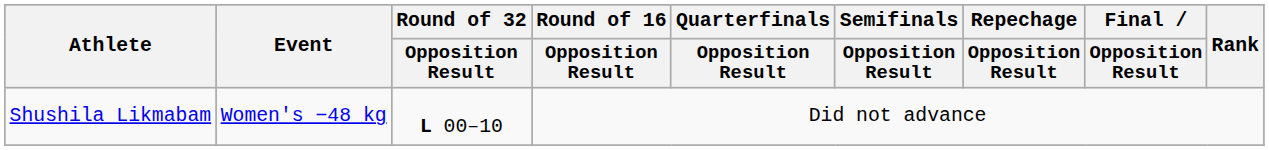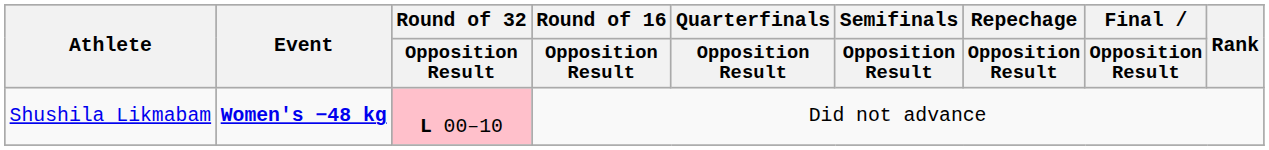 <table class="wikitable" style="font-size:90%; text-align:center">
 <tr>
 <th rowspan=2>Athlete</th>
 <th rowspan=2>Event</th>
 <th>Round of 32</th>
 <th>Round of 16</th>
 <th>Quarterfinals</th>
 <th>Semifinals</th>
 <th>Repechage</th>
 <th>Final / </th>
 <th rowspan=2>Rank</th>
 </tr>
 <tr style="font-size:95%">
 <th>Opposition <br> Result</th>
 <th>Opposition <br> Result</th>
 <th>Opposition <br> Result</th>
 <th>Opposition <br> Result</th>
 <th>Opposition <br> Result</th>
 <th>Opposition <br> Result</th>
 </tr>
 <tr align=center>
 <td align=left><a href='#'>Shushila Likmabam</a></td>
-<td align=left><a href='#'>Women's −48 kg</a></td>
-<td> <br> <strong>L</strong> 00–10</td>
+<td align=left><strong><a href='#'>Women's −48 kg</a></strong></td>
+<td style="background: pink;"> <br> <strong>L</strong> 00–10</td>
 <td colspan=6>Did not advance</td>
 </tr>
 </table>
